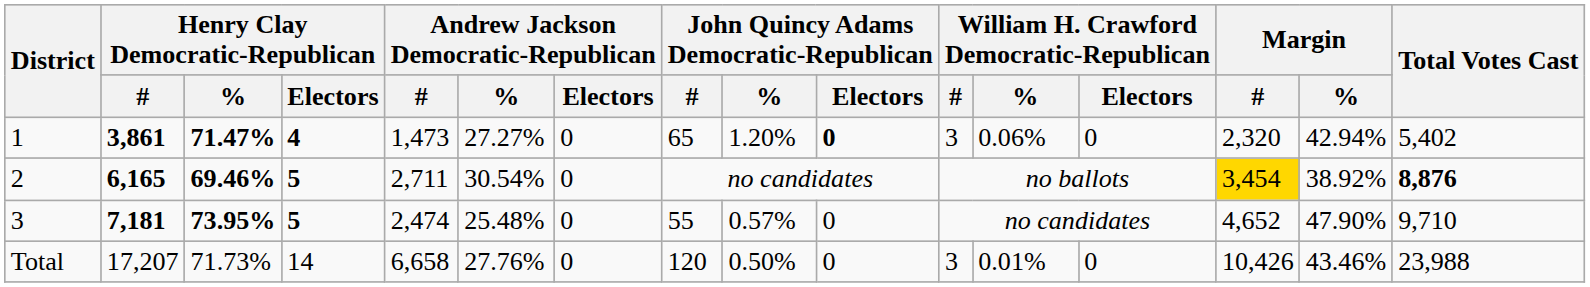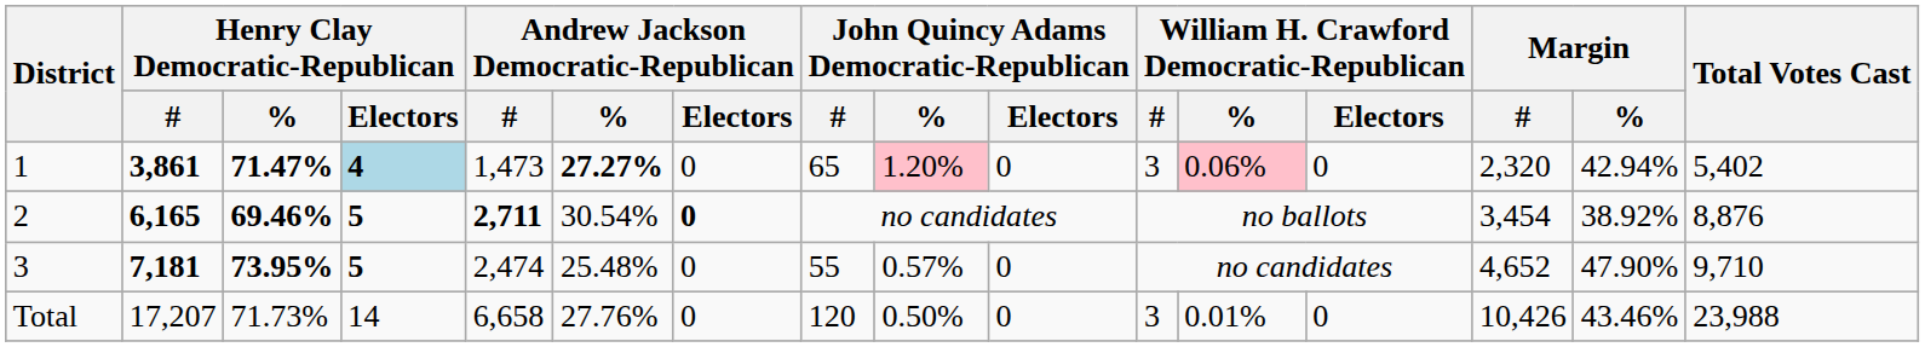 <table class="wikitable sortable">
 <tr>
 <th rowspan="2">District</th>
 <th colspan="3" >Henry Clay<br>Democratic-Republican</th>
 <th colspan="3" >Andrew Jackson<br>Democratic-Republican</th>
 <th colspan="3" >John Quincy Adams<br>Democratic-Republican</th>
 <th colspan="3" >William H. Crawford<br>Democratic-Republican</th>
 <th colspan="2">Margin</th>
 <th rowspan="2">Total Votes Cast</th>
 </tr>
 <tr>
 <th>#</th>
 <th>%</th>
 <th>Electors</th>
 <th>#</th>
 <th>%</th>
 <th>Electors</th>
 <th>#</th>
 <th>%</th>
 <th>Electors</th>
 <th>#</th>
 <th>%</th>
 <th>Electors</th>
 <th>#</th>
 <th>%</th>
 </tr>
 <tr>
 <td>1</td>
 <td><strong>3,861</strong></td>
 <td><strong>71.47%</strong></td>
-<td><strong>4</strong></td>
+<td style="background: lightblue;"><strong>4</strong></td>
 <td>1,473</td>
-<td>27.27%</td>
+<td><strong>27.27%</strong></td>
 <td>0</td>
 <td>65</td>
-<td>1.20%</td>
-<td><strong>0</strong></td>
+<td style="background: pink;">1.20%</td>
+<td>0</td>
 <td>3</td>
-<td>0.06%</td>
+<td style="background: pink;">0.06%</td>
 <td>0</td>
 <td>2,320</td>
 <td>42.94%</td>
 <td>5,402</td>
 </tr>
 <tr>
 <td>2</td>
 <td><strong>6,165</strong></td>
 <td><strong>69.46%</strong></td>
 <td><strong>5</strong></td>
-<td>2,711</td>
+<td><strong>2,711</strong></td>
 <td>30.54%</td>
-<td>0</td>
+<td><strong>0</strong></td>
 <td colspan=3 align=center><em>no candidates</em></td>
 <td colspan=3 align=center><em>no ballots</em></td>
-<td style="background: gold;">3,454</td>
+<td>3,454</td>
 <td>38.92%</td>
-<td><strong>8,876</strong></td>
+<td>8,876</td>
 </tr>
 <tr>
 <td>3</td>
 <td><strong>7,181</strong></td>
 <td><strong>73.95%</strong></td>
 <td><strong>5</strong></td>
 <td>2,474</td>
 <td>25.48%</td>
 <td>0</td>
 <td>55</td>
 <td>0.57%</td>
 <td>0</td>
 <td colspan=3 align=center><em>no candidates</em></td>
 <td>4,652</td>
 <td>47.90%</td>
 <td>9,710</td>
 </tr>
 <tr>
 <td>Total</td>
 <td>17,207</td>
 <td>71.73%</td>
 <td>14</td>
 <td>6,658</td>
 <td>27.76%</td>
 <td>0</td>
 <td>120</td>
 <td>0.50%</td>
 <td>0</td>
 <td>3</td>
 <td>0.01%</td>
 <td>0</td>
 <td>10,426</td>
 <td>43.46%</td>
 <td>23,988</td>
 </tr>
 </table>
